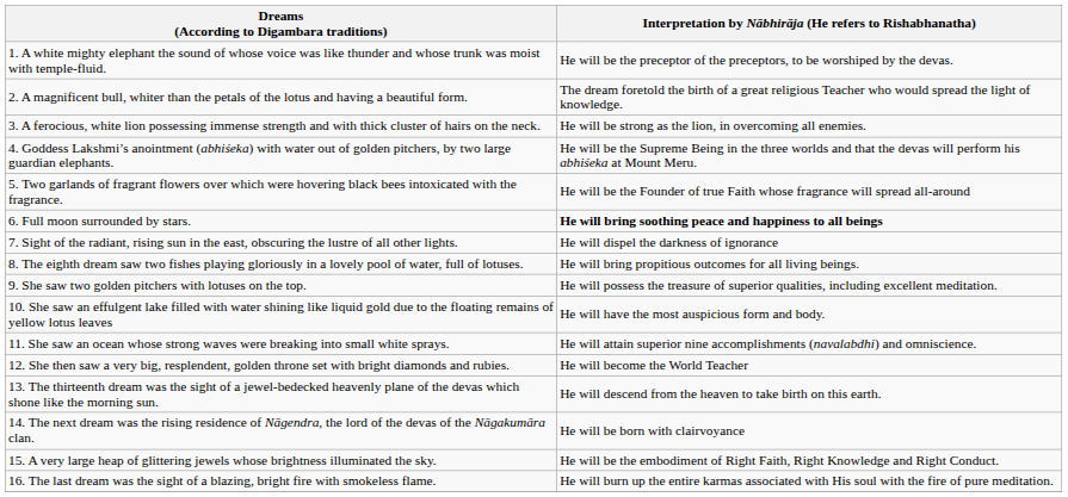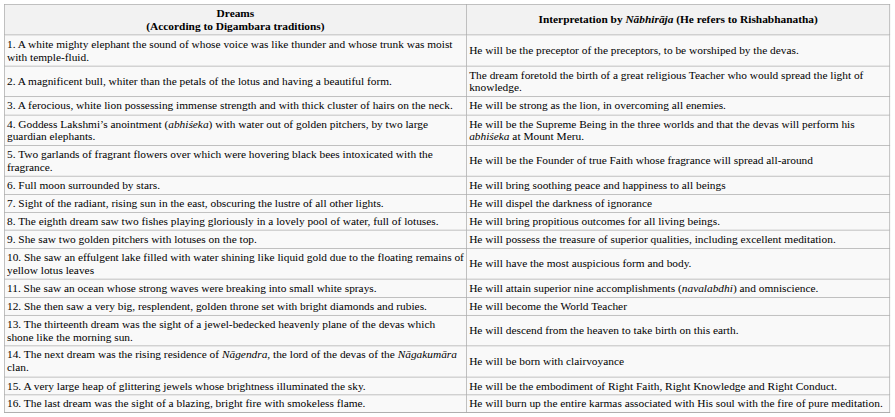 <table class="wikitable">
 <tr>
 <th>Dreams<br>(According to Digambara traditions)</th>
 <th>Interpretation by <em>Nābhirāja</em> (He refers to Rishabhanatha)</th>
 </tr>
 <tr>
 <td>1. A white mighty elephant the sound of whose voice was like thunder and whose trunk was moist with temple-fluid.</td>
 <td>He will be the preceptor of the preceptors, to be worshiped by the devas.</td>
 </tr>
 <tr>
 <td>2. A magnificent bull, whiter than the petals of the lotus and having a beautiful form.</td>
 <td>The dream foretold the birth of a great religious Teacher who would spread the light of knowledge.</td>
 </tr>
 <tr>
 <td>3. A ferocious, white lion possessing immense strength and with thick cluster of hairs on the neck.</td>
 <td>He will be strong as the lion, in overcoming all enemies.</td>
 </tr>
 <tr>
 <td>4. Goddess Lakshmi’s anointment (<em>abhiśeka</em>) with water out of golden pitchers, by two large guardian elephants.</td>
 <td>He will be the Supreme Being in the three worlds and that the devas will perform his <em>abhiśeka</em> at Mount Meru.</td>
 </tr>
 <tr>
 <td>5. Two garlands of fragrant flowers over which were hovering black bees intoxicated with the fragrance.</td>
 <td>He will be the Founder of true Faith whose fragrance will spread all-around</td>
 </tr>
 <tr>
 <td>6. Full moon surrounded by stars.</td>
-<td><strong>He will bring soothing peace and happiness to all beings</strong></td>
+<td>He will bring soothing peace and happiness to all beings</td>
 </tr>
 <tr>
 <td>7. Sight of the radiant, rising sun in the east, obscuring the lustre of all other lights.</td>
 <td>He will dispel the darkness of ignorance</td>
 </tr>
 <tr>
 <td>8. The eighth dream saw two fishes playing gloriously in a lovely pool of water, full of lotuses.</td>
 <td>He will bring propitious outcomes for all living beings.</td>
 </tr>
 <tr>
 <td>9. She saw two golden pitchers with lotuses on the top.</td>
 <td>He will possess the treasure of superior qualities, including excellent meditation.</td>
 </tr>
 <tr>
 <td>10. She saw an effulgent lake filled with water shining like liquid gold due to the floating remains of yellow lotus leaves</td>
 <td>He will have the most auspicious form and body.</td>
 </tr>
 <tr>
 <td>11. She saw an ocean whose strong waves were breaking into small white sprays.</td>
 <td>He will attain superior nine accomplishments (<em>navalabdhi</em>) and omniscience.</td>
 </tr>
 <tr>
 <td>12. She then saw a very big, resplendent, golden throne set with bright diamonds and rubies.</td>
 <td>He will become the World Teacher</td>
 </tr>
 <tr>
 <td>13. The thirteenth dream was the sight of a jewel-bedecked heavenly plane of the devas which shone like the morning sun.</td>
 <td>He will descend from the heaven to take birth on this earth.</td>
 </tr>
 <tr>
 <td>14. The next dream was the rising residence of <em>Nāgendra</em>, the lord of the devas of the <em>Nāgakumāra</em> clan.</td>
 <td>He will be born with clairvoyance</td>
 </tr>
 <tr>
 <td>15. A very large heap of glittering jewels whose brightness illuminated the sky.</td>
 <td>He will be the embodiment of Right Faith, Right Knowledge and Right Conduct.</td>
 </tr>
 <tr>
 <td>16. The last dream was the sight of a blazing, bright fire with smokeless flame.</td>
 <td>He will burn up the entire karmas associated with His soul with the fire of pure meditation.</td>
 </tr>
 <tr>
 </tr>
 </table>
